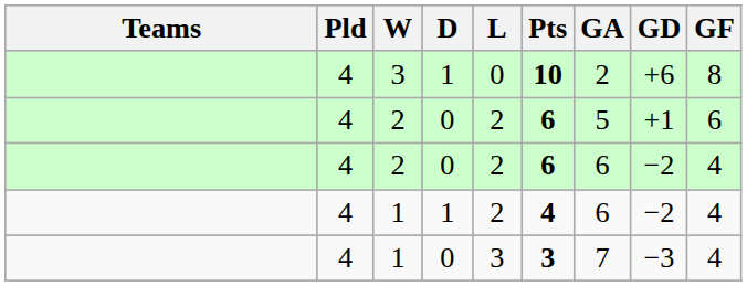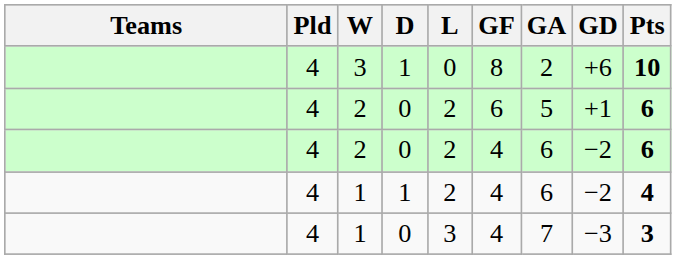 <table class="wikitable" style="text-align: center;">
 <tr>
 <th width=165>Teams</th>
 <th width=20>Pld</th>
 <th width=20>W</th>
 <th width=20>D</th>
 <th width=20>L</th>
-<th width=20>Pts</th>
+<th width=20>GF</th>
 <th width=20>GA</th>
 <th width=20>GD</th>
-<th width=20>GF</th>
+<th width=20>Pts</th>
 </tr>
 <tr align=center style="background:#ccffcc;">
 <td style="text-align:left;"></td>
 <td>4</td>
 <td>3</td>
 <td>1</td>
 <td>0</td>
-<td><strong>10</strong></td>
+<td>8</td>
 <td>2</td>
 <td>+6</td>
-<td>8</td>
+<td><strong>10</strong></td>
 </tr>
 <tr align=center style="background:#ccffcc;">
 <td style="text-align:left;"></td>
 <td>4</td>
 <td>2</td>
 <td>0</td>
 <td>2</td>
-<td><strong>6</strong></td>
+<td>6</td>
 <td>5</td>
 <td>+1</td>
-<td>6</td>
+<td><strong>6</strong></td>
 </tr>
 <tr align=center style="background:#ccffcc;">
 <td style="text-align:left;"></td>
 <td>4</td>
 <td>2</td>
 <td>0</td>
 <td>2</td>
-<td><strong>6</strong></td>
+<td>4</td>
 <td>6</td>
 <td>−2</td>
-<td>4</td>
+<td><strong>6</strong></td>
 </tr>
 <tr align=center>
 <td style="text-align:left;"></td>
 <td>4</td>
 <td>1</td>
 <td>1</td>
 <td>2</td>
-<td><strong>4</strong></td>
+<td>4</td>
 <td>6</td>
 <td>−2</td>
-<td>4</td>
+<td><strong>4</strong></td>
 </tr>
 <tr align=center>
 <td style="text-align:left;"></td>
 <td>4</td>
 <td>1</td>
 <td>0</td>
 <td>3</td>
-<td><strong>3</strong></td>
+<td>4</td>
 <td>7</td>
 <td>−3</td>
-<td>4</td>
+<td><strong>3</strong></td>
 </tr>
 </table>
